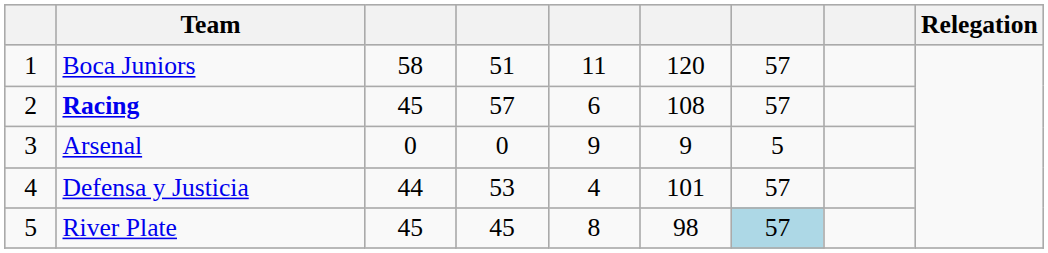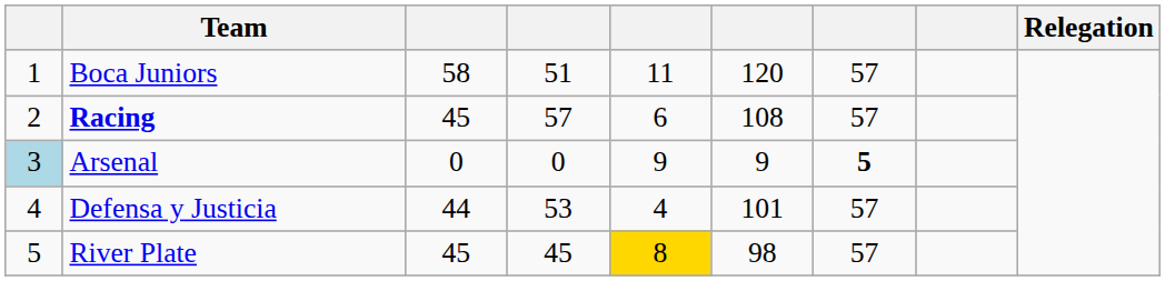 <table class="wikitable sortable" style="text-align: center;">
 <tr>
 <th width=25></th>
 <th width=185>Team</th>
 <th width=50></th>
 <th width=50></th>
 <th width=50></th>
 <th width=50></th>
 <th width=50></th>
 <th width=50></th>
 <th>Relegation</th>
 </tr>
 <tr>
 <td>1</td>
 <td align="left"><a href='#'>Boca Juniors</a></td>
 <td>58</td>
 <td>51</td>
 <td>11</td>
 <td>120</td>
 <td>57</td>
 <td><strong></strong></td>
 <td rowspan=21></td>
 </tr>
 <tr>
 <td>2</td>
 <td align="left"><strong><a href='#'>Racing</a></strong></td>
 <td>45</td>
 <td>57</td>
 <td>6</td>
 <td>108</td>
 <td>57</td>
 <td><strong></strong></td>
 </tr>
 <tr>
-<td>3</td>
+<td style="background: lightblue;">3</td>
 <td align="left"><a href='#'>Arsenal</a></td>
 <td>0</td>
 <td>0</td>
 <td>9</td>
 <td>9</td>
-<td>5</td>
+<td><strong>5</strong></td>
 <td><strong></strong></td>
 </tr>
 <tr>
 <td>4</td>
 <td align="left"><a href='#'>Defensa y Justicia</a></td>
 <td>44</td>
 <td>53</td>
 <td>4</td>
 <td>101</td>
 <td>57</td>
 <td><strong></strong></td>
 </tr>
 <tr>
 <td>5</td>
 <td align="left"><a href='#'>River Plate</a></td>
 <td>45</td>
 <td>45</td>
-<td>8</td>
+<td style="background: gold;">8</td>
 <td>98</td>
-<td style="background: lightblue;">57</td>
+<td>57</td>
 <td><strong></strong></td>
 </tr>
 </table>
